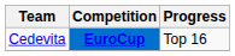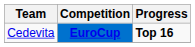 <table class="wikitable sortable">
 <tr>
 <th>Team</th>
 <th>Competition</th>
 <th>Progress</th>
 </tr>
 <tr>
 <td><a href='#'>Cedevita</a></td>
 <td rowspan="1" style="background-color:#0072CE;color:white;text-align:center"><strong><a href='#'><span>EuroCup</span></a></strong></td>
-<td>Top 16</td>
+<td><strong>Top 16</strong></td>
 </tr>
 <tr>
 </tr>
 </table>
